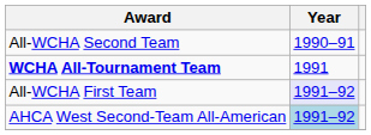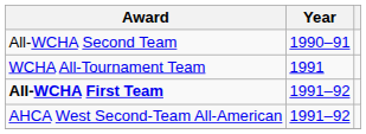 <table class="wikitable">
 <tr>
 <th>Award</th>
 <th>Year</th>
 <th></th>
 </tr>
 <tr>
 <td>All-<a href='#'>WCHA</a> <a href='#'>Second Team</a></td>
 <td><a href='#'>1990–91</a></td>
 <td></td>
 </tr>
 <tr>
-<td><strong><a href='#'>WCHA</a> <a href='#'>All-Tournament Team</a></strong></td>
+<td><a href='#'>WCHA</a> <a href='#'>All-Tournament Team</a></td>
 <td><a href='#'>1991</a></td>
 <td></td>
 </tr>
 <tr>
-<td>All-<a href='#'>WCHA</a> <a href='#'>First Team</a></td>
-<td style="background: lavender;"><a href='#'>1991–92</a></td>
+<td><strong>All-<a href='#'>WCHA</a> <a href='#'>First Team</a></strong></td>
+<td><a href='#'>1991–92</a></td>
 <td></td>
 </tr>
 <tr>
 <td><a href='#'>AHCA</a> <a href='#'>West Second-Team All-American</a></td>
-<td style="background: lightblue;"><a href='#'>1991–92</a></td>
+<td><a href='#'>1991–92</a></td>
 <td></td>
 </tr>
 <tr>
 </tr>
 </table>
